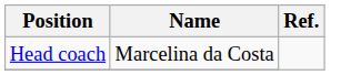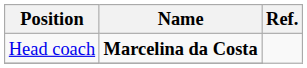 <table class="wikitable">
 <tr>
 <th>Position</th>
 <th>Name</th>
 <th>Ref.</th>
 </tr>
 <tr>
 <td><a href='#'>Head coach</a></td>
-<td>Marcelina da Costa</td>
+<td><strong>Marcelina da Costa</strong></td>
 </tr>
 <tr>
 </tr>
 </table>
